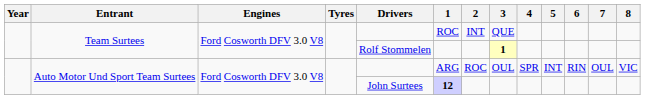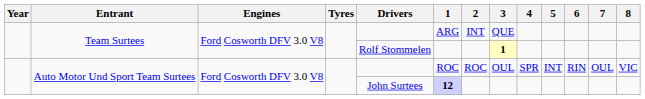 <table class="wikitable" style="text-align:center; font-size:95%">
 <tr>
 <th>Year</th>
 <th>Entrant</th>
 <th>Engines</th>
 <th>Tyres</th>
 <th>Drivers</th>
 <th>1</th>
 <th>2</th>
 <th>3</th>
 <th>4</th>
 <th>5</th>
 <th>6</th>
 <th>7</th>
 <th>8</th>
 </tr>
 <tr>
 <td rowspan="2"></td>
 <td rowspan="2"><a href='#'>Team Surtees</a></td>
 <td rowspan="2"><a href='#'>Ford</a> <a href='#'>Cosworth DFV</a> 3.0 <a href='#'>V8</a></td>
 <td rowspan="2"></td>
 <td></td>
-<td><a href='#'>ROC</a></td>
+<td><a href='#'>ARG</a></td>
 <td><a href='#'>INT</a></td>
 <td><a href='#'>QUE</a></td>
 <td></td>
 <td></td>
 <td></td>
 <td></td>
 <td></td>
 </tr>
 <tr>
 <td><a href='#'>Rolf Stommelen</a></td>
 <td></td>
 <td></td>
 <td style="background:#FFFFBF;"><strong>1</strong></td>
 <td></td>
 <td></td>
 <td></td>
 <td></td>
 <td></td>
 </tr>
 <tr>
 <td rowspan="2"></td>
 <td rowspan="2"><a href='#'>Auto Motor Und Sport Team Surtees</a></td>
 <td rowspan="2"><a href='#'>Ford</a> <a href='#'>Cosworth DFV</a> 3.0 <a href='#'>V8</a></td>
 <td rowspan="2"></td>
 <td></td>
-<td><a href='#'>ARG</a></td>
+<td><a href='#'>ROC</a></td>
 <td><a href='#'>ROC</a></td>
 <td><a href='#'>OUL</a></td>
 <td><a href='#'>SPR</a></td>
 <td><a href='#'>INT</a></td>
 <td><a href='#'>RIN</a></td>
 <td><a href='#'>OUL</a></td>
 <td><a href='#'>VIC</a></td>
 </tr>
 <tr>
 <td><a href='#'>John Surtees</a></td>
 <td style="background:#CFCFFF;"><strong>12</strong></td>
 <td></td>
 <td></td>
 <td></td>
 <td></td>
 <td></td>
 <td></td>
 <td></td>
 </tr>
 </table>
